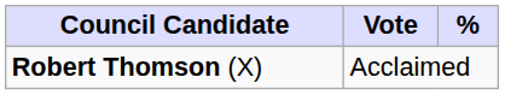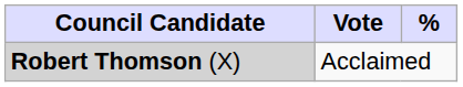 <table class="wikitable sortable">
 <tr>
 <th style="background:#ddf; width:200px;">Council Candidate</th>
 <th style="background:#ddf; width:50px;">Vote</th>
 <th style="background:#ddf; width:30px;">%</th>
 </tr>
 <tr>
-<td><strong>Robert Thomson</strong> (X)</td>
+<td style="background: lightgrey;"><strong>Robert Thomson</strong> (X)</td>
 <td colspan="2">Acclaimed</td>
 </tr>
 </table>
